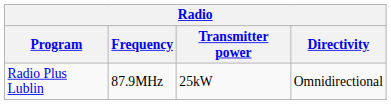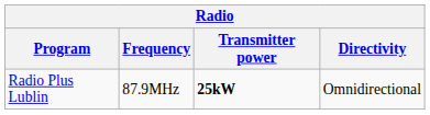 <table class="wikitable" style="width: 450px;">
 <tr>
 <th colspan="4" align="center"><a href='#'>Radio</a></th>
 </tr>
 <tr>
 <th><a href='#'>Program</a></th>
 <th><a href='#'>Frequency</a></th>
 <th><a href='#'>Transmitter power</a></th>
 <th><a href='#'>Directivity</a></th>
 </tr>
 <tr>
 <td><a href='#'>Radio Plus Lublin</a></td>
 <td>87.9MHz</td>
-<td>25kW</td>
+<td><strong>25kW</strong></td>
 <td>Omnidirectional</td>
 </tr>
 </table>
